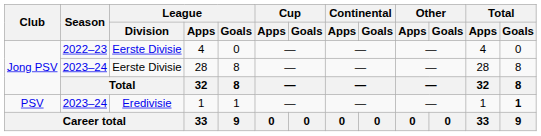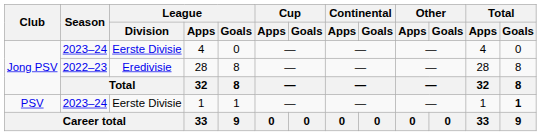 <table class="wikitable" Style="text-align: center">
 <tr>
 <th rowspan="2">Club</th>
 <th rowspan="2">Season</th>
 <th colspan="3">League</th>
 <th colspan="2">Cup</th>
 <th colspan="2">Continental</th>
 <th colspan="2">Other</th>
 <th colspan="2">Total</th>
 </tr>
 <tr>
 <th>Division</th>
 <th>Apps</th>
 <th>Goals</th>
 <th>Apps</th>
 <th>Goals</th>
 <th>Apps</th>
 <th>Goals</th>
 <th>Apps</th>
 <th>Goals</th>
 <th>Apps</th>
 <th>Goals</th>
 </tr>
 <tr>
 <td rowspan="3"><a href='#'>Jong PSV</a></td>
-<td><a href='#'>2022–23</a></td>
+<td><a href='#'>2023–24</a></td>
 <td><a href='#'>Eerste Divisie</a></td>
 <td>4</td>
 <td>0</td>
 <td colspan="2">—</td>
 <td colspan="2">—</td>
 <td colspan="2">—</td>
 <td>4</td>
 <td>0</td>
 </tr>
 <tr>
-<td><a href='#'>2023–24</a></td>
-<td>Eerste Divisie</td>
+<td><a href='#'>2022–23</a></td>
+<td><a href='#'>Eredivisie</a></td>
 <td>28</td>
 <td>8</td>
 <td colspan="2">—</td>
 <td colspan="2">—</td>
 <td colspan="2">—</td>
 <td>28</td>
 <td>8</td>
 </tr>
 <tr>
 <th colspan="2">Total</th>
 <th>32</th>
 <th>8</th>
 <th colspan="2">—</th>
 <th colspan="2">—</th>
 <th colspan="2">—</th>
 <th>32</th>
 <th>8</th>
 </tr>
 <tr>
 <td><a href='#'>PSV</a></td>
 <td><a href='#'>2023–24</a></td>
-<td><a href='#'>Eredivisie</a></td>
+<td>Eerste Divisie</td>
 <td>1</td>
 <td>1</td>
 <td colspan="2">—</td>
 <td colspan="2">—</td>
 <td colspan="2">—</td>
 <td>1</td>
 <td><strong>1</strong></td>
 </tr>
 <tr>
 <th colspan="3">Career total</th>
 <th>33</th>
 <th>9</th>
 <th>0</th>
 <th>0</th>
 <th>0</th>
 <th>0</th>
 <th>0</th>
 <th>0</th>
 <th>33</th>
 <th>9</th>
 </tr>
 </table>
